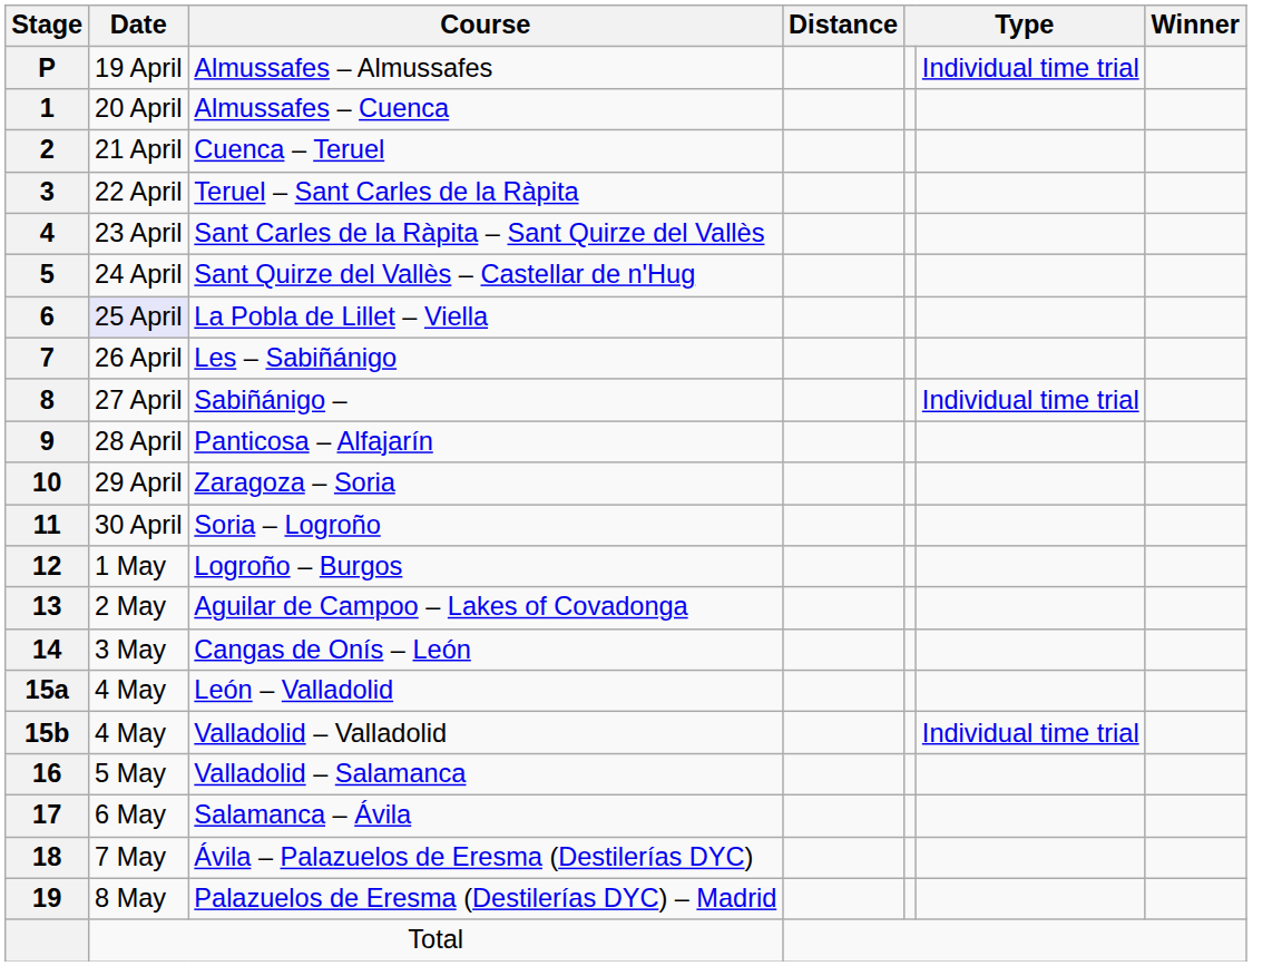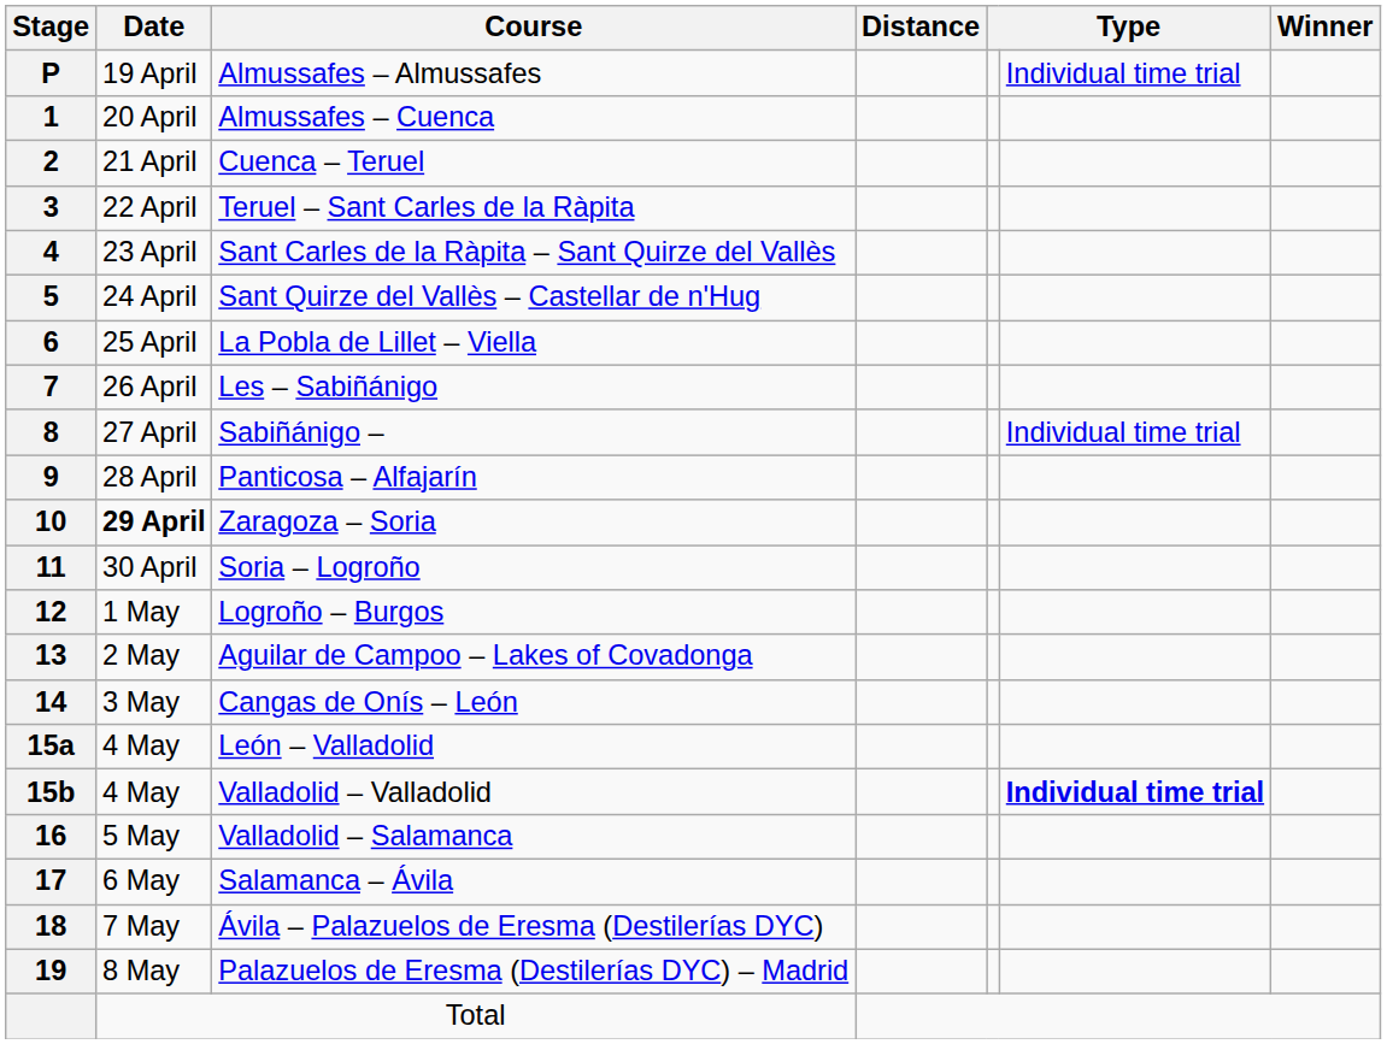 <table class="wikitable">
 <tr>
 <th scope="col">Stage</th>
 <th scope="col">Date</th>
 <th scope="col">Course</th>
 <th scope="col">Distance</th>
 <th scope="col" colspan="2">Type</th>
 <th scope="col">Winner</th>
 </tr>
 <tr>
 <th scope="row">P</th>
 <td>19 April</td>
 <td><a href='#'>Almussafes</a> – Almussafes</td>
 <td style="text-align:center;"></td>
 <td></td>
 <td><a href='#'>Individual time trial</a></td>
 <td></td>
 </tr>
 <tr>
 <th scope="row">1</th>
 <td>20 April</td>
 <td><a href='#'>Almussafes</a> – <a href='#'>Cuenca</a></td>
 <td style="text-align:center;"></td>
 <td></td>
 <td></td>
 <td></td>
 </tr>
 <tr>
 <th scope="row">2</th>
 <td>21 April</td>
 <td><a href='#'>Cuenca</a> – <a href='#'>Teruel</a></td>
 <td style="text-align:center;"></td>
 <td></td>
 <td></td>
 <td></td>
 </tr>
 <tr>
 <th scope="row">3</th>
 <td>22 April</td>
 <td><a href='#'>Teruel</a> – <a href='#'>Sant Carles de la Ràpita</a></td>
 <td style="text-align:center;"></td>
 <td></td>
 <td></td>
 <td></td>
 </tr>
 <tr>
 <th scope="row">4</th>
 <td>23 April</td>
 <td><a href='#'>Sant Carles de la Ràpita</a> – <a href='#'>Sant Quirze del Vallès</a></td>
 <td style="text-align:center;"></td>
 <td></td>
 <td></td>
 <td></td>
 </tr>
 <tr>
 <th scope="row">5</th>
 <td>24 April</td>
 <td><a href='#'>Sant Quirze del Vallès</a> – <a href='#'>Castellar de n'Hug</a></td>
 <td style="text-align:center;"></td>
 <td></td>
 <td></td>
 <td></td>
 </tr>
 <tr>
 <th scope="row">6</th>
-<td style="background: lavender;">25 April</td>
+<td>25 April</td>
 <td><a href='#'>La Pobla de Lillet</a> – <a href='#'>Viella</a></td>
 <td style="text-align:center;"></td>
 <td></td>
 <td></td>
 <td></td>
 </tr>
 <tr>
 <th scope="row">7</th>
 <td>26 April</td>
 <td><a href='#'>Les</a> – <a href='#'>Sabiñánigo</a></td>
 <td style="text-align:center;"></td>
 <td></td>
 <td></td>
 <td></td>
 </tr>
 <tr>
 <th scope="row">8</th>
 <td>27 April</td>
 <td><a href='#'>Sabiñánigo</a> – </td>
 <td style="text-align:center;"></td>
 <td></td>
 <td><a href='#'>Individual time trial</a></td>
 <td></td>
 </tr>
 <tr>
 <th scope="row">9</th>
 <td>28 April</td>
 <td><a href='#'>Panticosa</a> – <a href='#'>Alfajarín</a></td>
 <td style="text-align:center;"></td>
 <td></td>
 <td></td>
 <td></td>
 </tr>
 <tr>
 <th scope="row">10</th>
-<td>29 April</td>
+<td><strong>29 April</strong></td>
 <td><a href='#'>Zaragoza</a> – <a href='#'>Soria</a></td>
 <td style="text-align:center;"></td>
 <td></td>
 <td></td>
 <td></td>
 </tr>
 <tr>
 <th scope="row">11</th>
 <td>30 April</td>
 <td><a href='#'>Soria</a> – <a href='#'>Logroño</a></td>
 <td style="text-align:center;"></td>
 <td></td>
 <td></td>
 <td></td>
 </tr>
 <tr>
 <th scope="row">12</th>
 <td>1 May</td>
 <td><a href='#'>Logroño</a> – <a href='#'>Burgos</a></td>
 <td style="text-align:center;"></td>
 <td></td>
 <td></td>
 <td></td>
 </tr>
 <tr>
 <th scope="row">13</th>
 <td>2 May</td>
 <td><a href='#'>Aguilar de Campoo</a> – <a href='#'>Lakes of Covadonga</a></td>
 <td style="text-align:center;"></td>
 <td></td>
 <td></td>
 <td></td>
 </tr>
 <tr>
 <th scope="row">14</th>
 <td>3 May</td>
 <td><a href='#'>Cangas de Onís</a> – <a href='#'>León</a></td>
 <td style="text-align:center;"></td>
 <td></td>
 <td></td>
 <td></td>
 </tr>
 <tr>
 <th scope="row">15a</th>
 <td>4 May</td>
 <td><a href='#'>León</a> – <a href='#'>Valladolid</a></td>
 <td style="text-align:center;"></td>
 <td></td>
 <td></td>
 <td></td>
 </tr>
 <tr>
 <th scope="row">15b</th>
 <td>4 May</td>
 <td><a href='#'>Valladolid</a> – Valladolid</td>
 <td style="text-align:center;"></td>
 <td></td>
-<td><a href='#'>Individual time trial</a></td>
+<td><strong><a href='#'>Individual time trial</a></strong></td>
 <td></td>
 </tr>
 <tr>
 <th scope="row">16</th>
 <td>5 May</td>
 <td><a href='#'>Valladolid</a> – <a href='#'>Salamanca</a></td>
 <td style="text-align:center;"></td>
 <td></td>
 <td></td>
 <td></td>
 </tr>
 <tr>
 <th scope="row">17</th>
 <td>6 May</td>
 <td><a href='#'>Salamanca</a> – <a href='#'>Ávila</a></td>
 <td style="text-align:center;"></td>
 <td></td>
 <td></td>
 <td></td>
 </tr>
 <tr>
 <th scope="row">18</th>
 <td>7 May</td>
 <td><a href='#'>Ávila</a> – <a href='#'>Palazuelos de Eresma</a> (<a href='#'>Destilerías DYC</a>)</td>
 <td style="text-align:center;"></td>
 <td></td>
 <td></td>
 <td></td>
 </tr>
 <tr>
 <th scope="row">19</th>
 <td>8 May</td>
 <td><a href='#'>Palazuelos de Eresma</a> (<a href='#'>Destilerías DYC</a>) – <a href='#'>Madrid</a></td>
 <td style="text-align:center;"></td>
 <td></td>
 <td></td>
 <td></td>
 </tr>
 <tr>
 <th scope="row"></th>
 <td colspan="2" style="text-align:center">Total</td>
 <td colspan="4" style="text-align:center"></td>
 </tr>
 </table>
